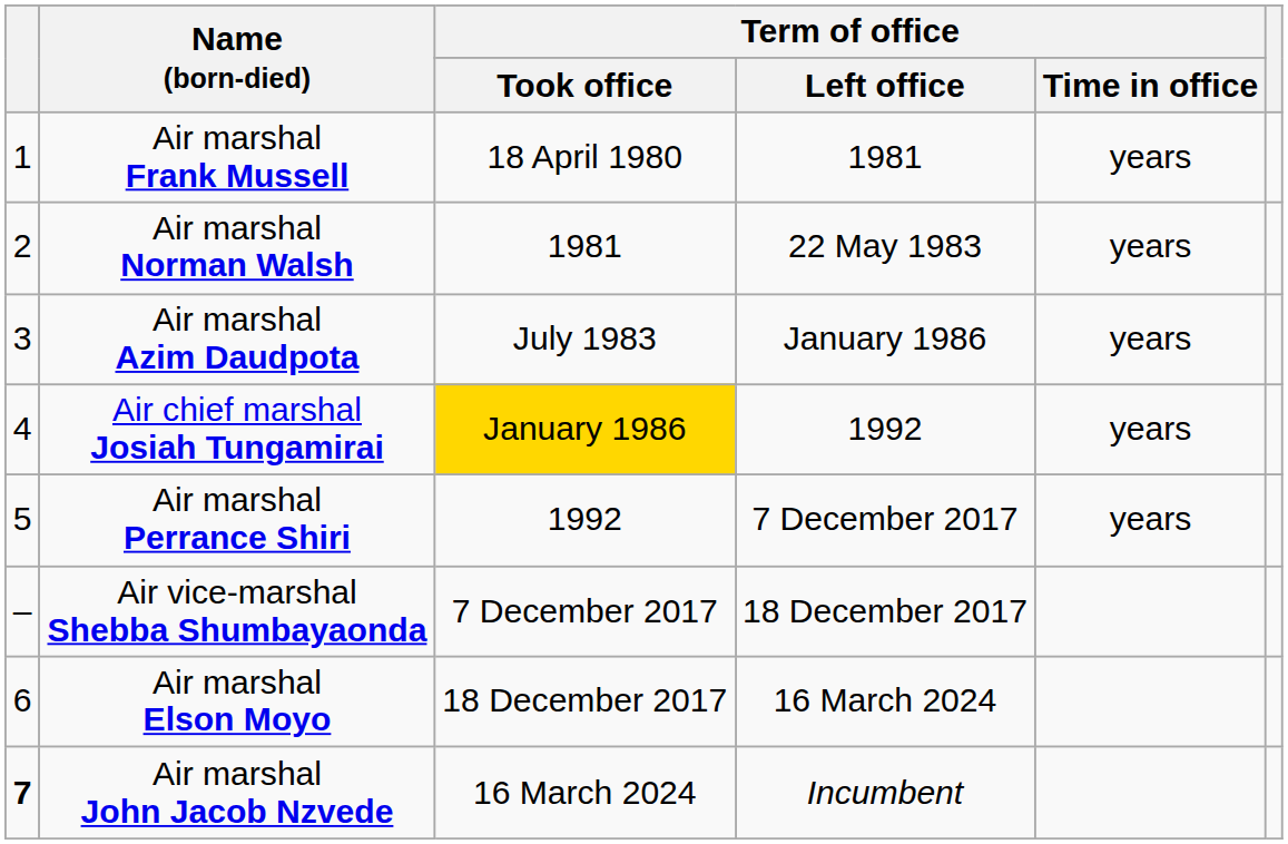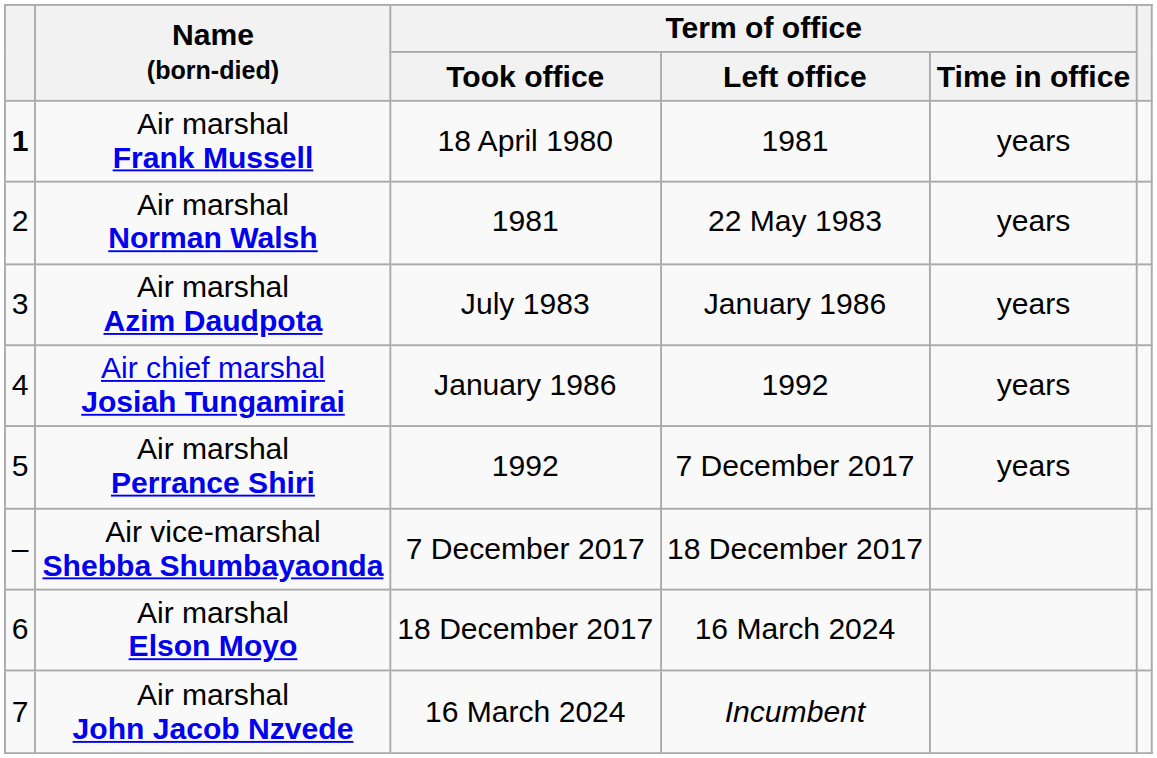 <table class="wikitable" style="text-align:center;">
 <tr>
 <th rowspan=2></th>
 <th rowspan=2>Name<br><small>(born-died)</small></th>
 <th colspan=3>Term of office</th>
 <th rowspan=2></th>
 </tr>
 <tr>
 <th>Took office</th>
 <th>Left office</th>
 <th>Time in office</th>
 </tr>
 <tr>
-<td>1</td>
+<td><strong>1</strong></td>
 <td>Air marshal<br><strong><a href='#'>Frank Mussell</a></strong><br></td>
 <td>18 April 1980</td>
 <td>1981</td>
 <td> years</td>
 <td></td>
 </tr>
 <tr>
 <td>2</td>
 <td>Air marshal<br><strong><a href='#'>Norman Walsh</a></strong><br></td>
 <td>1981</td>
 <td>22 May 1983</td>
 <td> years</td>
 <td></td>
 </tr>
 <tr>
 <td>3</td>
 <td>Air marshal<br><strong><a href='#'>Azim Daudpota</a></strong><br></td>
 <td>July 1983</td>
 <td>January 1986</td>
 <td> years</td>
 <td></td>
 </tr>
 <tr>
 <td>4</td>
 <td><a href='#'>Air chief marshal</a><br><strong><a href='#'>Josiah Tungamirai</a></strong><br></td>
-<td style="background: gold;">January 1986</td>
+<td>January 1986</td>
 <td>1992</td>
 <td> years</td>
 <td></td>
 </tr>
 <tr>
 <td>5</td>
 <td>Air marshal<br><strong><a href='#'>Perrance Shiri</a></strong><br></td>
 <td>1992</td>
 <td>7 December 2017</td>
 <td> years</td>
 <td></td>
 </tr>
 <tr>
 <td>–</td>
 <td>Air vice-marshal<br><strong><a href='#'>Shebba Shumbayaonda</a></strong><br></td>
 <td>7 December 2017</td>
 <td>18 December 2017</td>
 <td></td>
 <td></td>
 </tr>
 <tr>
 <td>6</td>
 <td>Air marshal<br><strong><a href='#'>Elson Moyo</a></strong></td>
 <td>18 December 2017</td>
 <td>16 March 2024</td>
 <td></td>
 <td></td>
 </tr>
 <tr>
-<td><strong>7</strong></td>
+<td>7</td>
 <td>Air marshal<br><strong><a href='#'>John Jacob Nzvede</a></strong></td>
 <td>16 March 2024</td>
 <td><em>Incumbent</em></td>
 <td></td>
 <td></td>
 </tr>
 </table>
